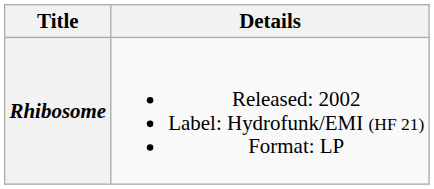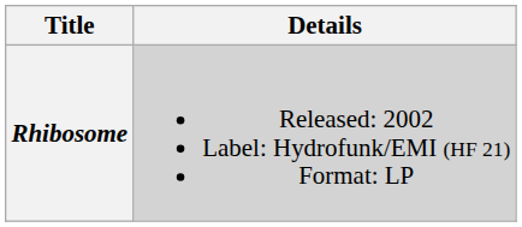 <table class="wikitable plainrowheaders" style="text-align:center;" border="1">
 <tr>
 <th>Title</th>
 <th>Details</th>
 </tr>
 <tr>
 <th scope="row"><em>Rhibosome</em></th>
-<td><br><ul><li>Released: 2002</li><li>Label: Hydrofunk/EMI <small>(HF 21)</small></li><li>Format: LP</li></ul></td>
+<td style="background: lightgrey;"><br><ul><li>Released: 2002</li><li>Label: Hydrofunk/EMI <small>(HF 21)</small></li><li>Format: LP</li></ul></td>
 </tr>
 </table>
